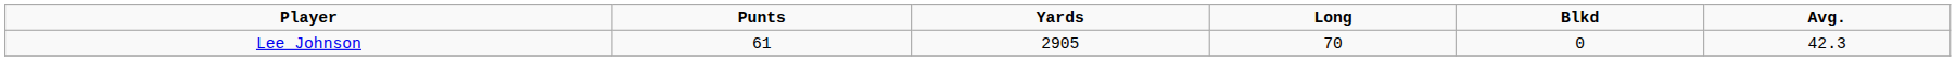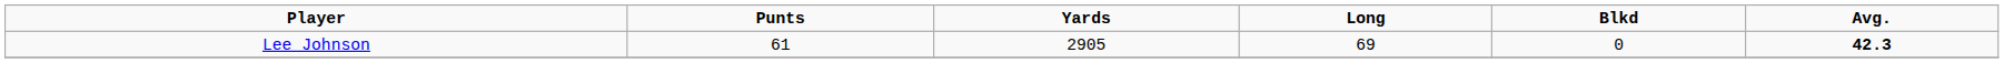 <table class="wikitable" width="80%">
 <tr align="center">
 <td><strong>Player</strong></td>
 <td><strong>Punts</strong></td>
 <td><strong>Yards</strong></td>
 <td><strong>Long</strong></td>
 <td><strong>Blkd</strong></td>
 <td><strong>Avg.</strong></td>
 </tr>
 <tr align="center" bgcolor="">
 <td><a href='#'>Lee Johnson</a></td>
 <td>61</td>
 <td>2905</td>
-<td>70</td>
+<td>69</td>
 <td>0</td>
-<td>42.3</td>
+<td><strong>42.3</strong></td>
 </tr>
 <tr align="center" bgcolor="">
 </tr>
 </table>
